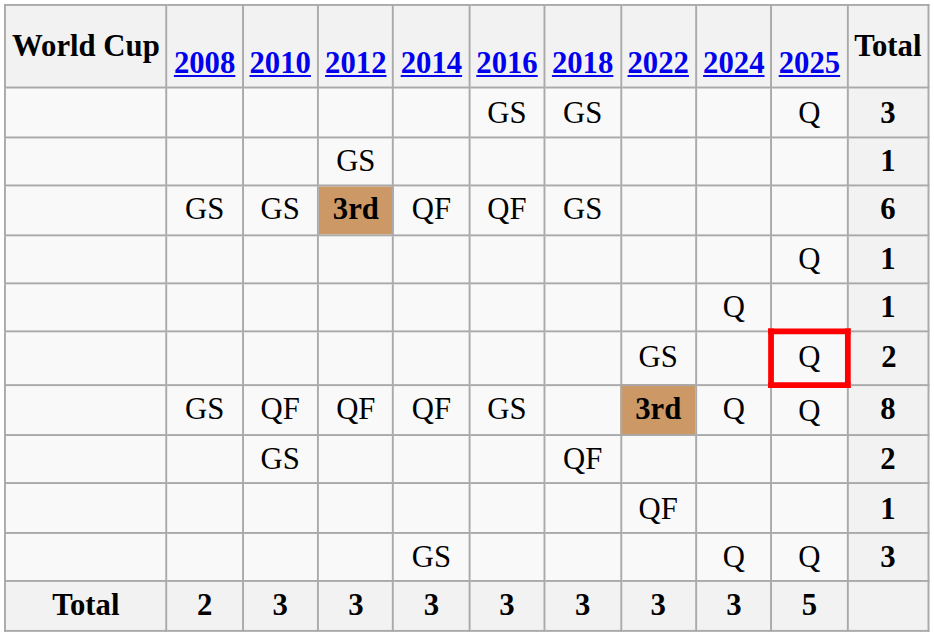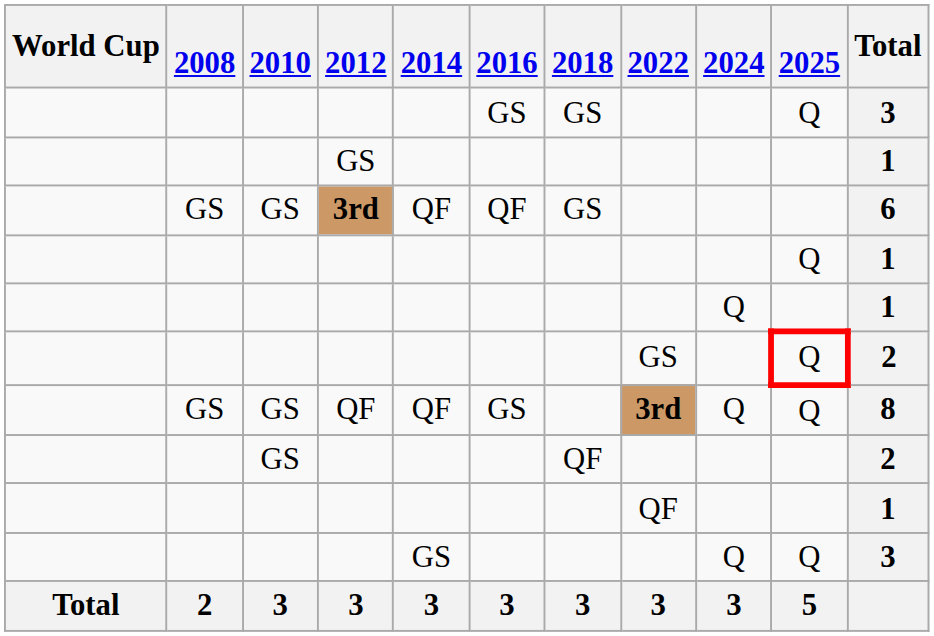 <table class="wikitable" style="text-align:center">
 <tr>
 <th>World Cup</th>
 <th><br><a href='#'>2008</a></th>
 <th><br><a href='#'>2010</a></th>
 <th><br><a href='#'>2012</a></th>
 <th><br><a href='#'>2014</a></th>
 <th><br><a href='#'>2016</a></th>
 <th><br><a href='#'>2018</a></th>
 <th><br><a href='#'>2022</a></th>
 <th><br><a href='#'>2024</a></th>
 <th><br><a href='#'>2025</a></th>
 <th>Total</th>
 </tr>
 <tr>
 <td align=left></td>
 <td></td>
 <td></td>
 <td></td>
 <td></td>
 <td>GS</td>
 <td>GS</td>
 <td></td>
 <td></td>
 <td>Q</td>
 <th>3</th>
 </tr>
 <tr>
 <td align=left></td>
 <td></td>
 <td></td>
 <td>GS</td>
 <td></td>
 <td></td>
 <td></td>
 <td></td>
 <td></td>
 <td></td>
 <th>1</th>
 </tr>
 <tr>
 <td align=left></td>
 <td>GS</td>
 <td>GS</td>
 <td bgcolor=#cc9966><strong>3rd</strong></td>
 <td>QF</td>
 <td>QF</td>
 <td>GS</td>
 <td></td>
 <td></td>
 <td></td>
 <th>6</th>
 </tr>
 <tr>
 <td align=left></td>
 <td></td>
 <td></td>
 <td></td>
 <td></td>
 <td></td>
 <td></td>
 <td></td>
 <td></td>
 <td>Q</td>
 <th>1</th>
 </tr>
 <tr>
 <td align=left></td>
 <td></td>
 <td></td>
 <td></td>
 <td></td>
 <td></td>
 <td></td>
 <td></td>
 <td>Q</td>
 <td></td>
 <th>1</th>
 </tr>
 <tr>
 <td align=left></td>
 <td></td>
 <td></td>
 <td></td>
 <td></td>
 <td></td>
 <td></td>
 <td>GS</td>
 <td></td>
 <td style="border: 3px solid red">Q</td>
 <th>2</th>
 </tr>
 <tr>
 <td align=left></td>
 <td>GS</td>
-<td>QF</td>
+<td>GS</td>
 <td>QF</td>
 <td>QF</td>
 <td>GS</td>
 <td></td>
 <td bgcolor=#cc9966><strong>3rd</strong></td>
 <td>Q</td>
 <td>Q</td>
 <th>8</th>
 </tr>
 <tr>
 <td align=left></td>
 <td></td>
 <td>GS</td>
 <td></td>
 <td></td>
 <td></td>
 <td>QF</td>
 <td></td>
 <td></td>
 <td></td>
 <th>2</th>
 </tr>
 <tr>
 <td align=left></td>
 <td></td>
 <td></td>
 <td></td>
 <td></td>
 <td></td>
 <td></td>
 <td>QF</td>
 <td></td>
 <td></td>
 <th>1</th>
 </tr>
 <tr>
 <td align=left></td>
 <td></td>
 <td></td>
 <td></td>
 <td>GS</td>
 <td></td>
 <td></td>
 <td></td>
 <td>Q</td>
 <td>Q</td>
 <th>3</th>
 </tr>
 <tr>
 <th>Total</th>
 <th>2</th>
 <th>3</th>
 <th>3</th>
 <th>3</th>
 <th>3</th>
 <th>3</th>
 <th>3</th>
 <th>3</th>
 <th>5</th>
 <th></th>
 </tr>
 </table>
